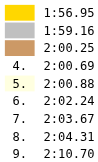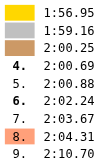 <table style="text-align:center">
 <tr>
 <td width=30 bgcolor=gold></td>
 <td align=left></td>
 <td width=60>1:56.95</td>
 </tr>
 <tr>
 <td bgcolor=silver></td>
 <td align=left></td>
 <td>1:59.16</td>
 </tr>
 <tr>
 <td bgcolor=cc9966></td>
 <td align=left></td>
 <td>2:00.25</td>
 </tr>
 <tr>
-<td>4.</td>
+<td><strong>4.</strong></td>
 <td align=left></td>
 <td>2:00.69</td>
 </tr>
 <tr>
-<td style="background: lightyellow;">5.</td>
+<td>5.</td>
 <td align=left></td>
 <td>2:00.88</td>
 </tr>
 <tr>
-<td>6.</td>
+<td><strong>6.</strong></td>
 <td align=left></td>
 <td>2:02.24</td>
 </tr>
 <tr>
 <td>7.</td>
 <td align=left></td>
 <td>2:03.67</td>
 </tr>
 <tr>
-<td>8.</td>
+<td style="background: lightsalmon;">8.</td>
 <td align=left></td>
 <td>2:04.31</td>
 </tr>
 <tr>
 <td>9.</td>
 <td align=left></td>
 <td>2:10.70</td>
 </tr>
 </table>
